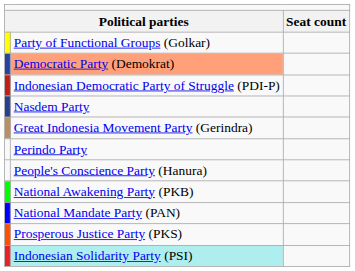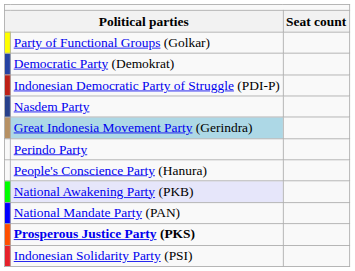 <table class="wikitable">
 <tr>
 <td colspan="4"></td>
 </tr>
 <tr>
 <th colspan="2">Political parties</th>
 <th>Seat count</th>
 </tr>
 <tr>
 <td bgcolor=#FFFF00></td>
 <td><a href='#'>Party of Functional Groups</a> (Golkar)</td>
 <td></td>
 </tr>
 <tr>
 <td bgcolor=#2643A3></td>
-<td style="background: lightsalmon;"><a href='#'>Democratic Party</a> (Demokrat)</td>
+<td><a href='#'>Democratic Party</a> (Demokrat)</td>
 <td></td>
 </tr>
 <tr>
 <td bgcolor=#BD2016></td>
 <td><a href='#'>Indonesian Democratic Party of Struggle</a> (PDI-P)</td>
 <td></td>
 </tr>
 <tr>
 <td bgcolor=#27408B></td>
 <td><a href='#'>Nasdem Party</a></td>
 <td></td>
 </tr>
 <tr>
 <td bgcolor=#B79164></td>
-<td><a href='#'>Great Indonesia Movement Party</a> (Gerindra)</td>
+<td style="background: lightblue;"><a href='#'>Great Indonesia Movement Party</a> (Gerindra)</td>
 <td></td>
 </tr>
 <tr>
 <td bgcolor=></td>
 <td><a href='#'>Perindo Party</a></td>
 <td></td>
 </tr>
 <tr>
 <td bgcolor=></td>
 <td><a href='#'>People's Conscience Party</a> (Hanura)</td>
 <td></td>
 </tr>
 <tr>
 <td bgcolor=#00FF00></td>
-<td><a href='#'>National Awakening Party</a> (PKB)</td>
+<td style="background: lavender;"><a href='#'>National Awakening Party</a> (PKB)</td>
 <td></td>
 </tr>
 <tr>
 <td bgcolor=#0000FF></td>
 <td><a href='#'>National Mandate Party</a> (PAN)</td>
 <td></td>
 </tr>
 <tr>
 <td bgcolor=#FF4F00></td>
-<td><a href='#'>Prosperous Justice Party</a> (PKS)</td>
+<td><strong><a href='#'>Prosperous Justice Party</a> (PKS)</strong></td>
 <td></td>
 </tr>
 <tr>
 <td bgcolor=#E6212A></td>
-<td style="background: paleturquoise;"><a href='#'>Indonesian Solidarity Party</a> (PSI)</td>
+<td><a href='#'>Indonesian Solidarity Party</a> (PSI)</td>
 <td></td>
 </tr>
 </table>
